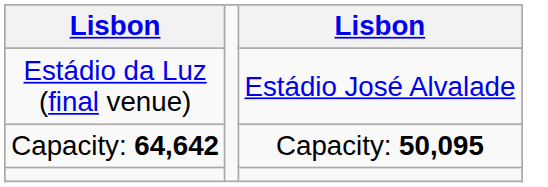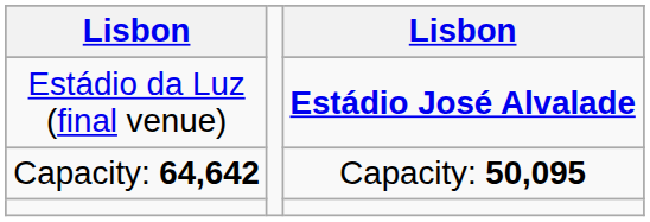 <table class="wikitable" style="text-align:center">
 <tr>
 <th><a href='#'>Lisbon</a></th>
 <td rowspan=4><br></td>
 <th><a href='#'>Lisbon</a></th>
 </tr>
 <tr>
 <td><a href='#'>Estádio da Luz</a><br>(<a href='#'>final</a> venue)</td>
-<td><a href='#'>Estádio José Alvalade</a></td>
+<td><strong><a href='#'>Estádio José Alvalade</a></strong></td>
 </tr>
 <tr>
 <td>Capacity: <strong>64,642</strong></td>
 <td>Capacity: <strong>50,095</strong></td>
 </tr>
 <tr>
 <td></td>
 <td></td>
 </tr>
 </table>
